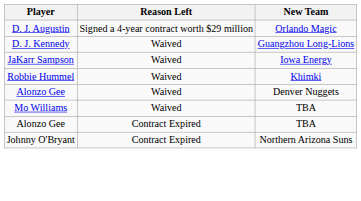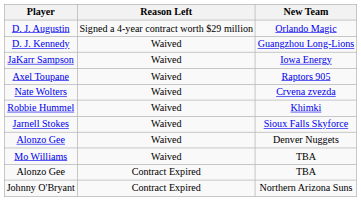 <table class="wikitable sortable sortable">
 <tr>
 <th>Player</th>
 <th>Reason Left</th>
 <th>New Team</th>
 </tr>
 <tr style="text-align: center">
 <td><a href='#'>D. J. Augustin</a></td>
 <td>Signed a 4-year contract worth $29 million</td>
 <td><a href='#'>Orlando Magic</a></td>
 </tr>
 <tr style="text-align: center">
 <td><a href='#'>D. J. Kennedy</a></td>
 <td>Waived</td>
 <td> <a href='#'>Guangzhou Long-Lions</a></td>
 </tr>
 <tr style="text-align: center">
 <td><a href='#'>JaKarr Sampson</a></td>
 <td>Waived</td>
 <td> <a href='#'>Iowa Energy</a></td>
 </tr>
 <tr style="text-align: center">
+<td><a href='#'>Axel Toupane</a></td>
+<td>Waived</td>
+<td> <a href='#'>Raptors 905</a></td>
+</tr>
+<tr style="text-align: center">
+<td><a href='#'>Nate Wolters</a></td>
+<td>Waived</td>
+<td> <a href='#'>Crvena zvezda</a></td>
+</tr>
+<tr style="text-align: center">
 <td><a href='#'>Robbie Hummel</a></td>
 <td>Waived</td>
 <td> <a href='#'>Khimki</a></td>
+</tr>
+<tr style="text-align: center">
+<td><a href='#'>Jarnell Stokes</a></td>
+<td>Waived</td>
+<td> <a href='#'>Sioux Falls Skyforce</a></td>
 </tr>
 <tr style="text-align: center">
 <td><a href='#'>Alonzo Gee</a></td>
 <td>Waived</td>
 <td>Denver Nuggets</td>
 </tr>
 <tr style="text-align: center">
 <td><a href='#'>Mo Williams</a></td>
 <td>Waived</td>
 <td>TBA</td>
 </tr>
 <tr style="text-align: center">
 <td>Alonzo Gee</td>
 <td>Contract Expired</td>
 <td>TBA</td>
 </tr>
 <tr style="text-align: center">
 <td>Johnny O'Bryant</td>
 <td>Contract Expired</td>
 <td> Northern Arizona Suns</td>
 </tr>
 </table>
